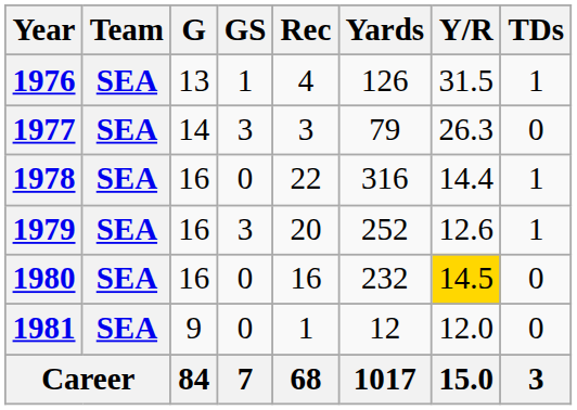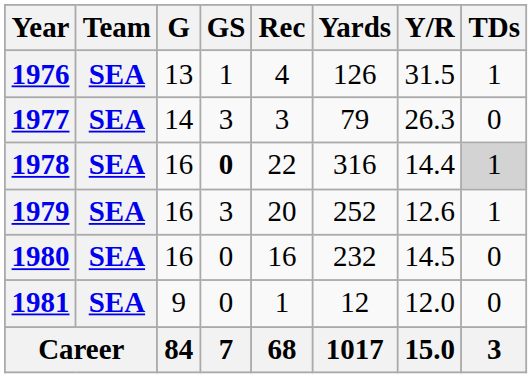 <table class="wikitable" style="text-align:center">
 <tr>
 <th>Year</th>
 <th>Team</th>
 <th>G</th>
 <th>GS</th>
 <th>Rec</th>
 <th>Yards</th>
 <th>Y/R</th>
 <th>TDs</th>
 </tr>
 <tr>
 <th><a href='#'>1976</a></th>
 <th><a href='#'>SEA</a></th>
 <td>13</td>
 <td>1</td>
 <td>4</td>
 <td>126</td>
 <td>31.5</td>
 <td>1</td>
 </tr>
 <tr>
 <th><a href='#'>1977</a></th>
 <th><a href='#'>SEA</a></th>
 <td>14</td>
 <td>3</td>
 <td>3</td>
 <td>79</td>
 <td>26.3</td>
 <td>0</td>
 </tr>
 <tr>
 <th><a href='#'>1978</a></th>
 <th><a href='#'>SEA</a></th>
 <td>16</td>
-<td>0</td>
+<td><strong>0</strong></td>
 <td>22</td>
 <td>316</td>
 <td>14.4</td>
-<td>1</td>
+<td style="background: lightgrey;">1</td>
 </tr>
 <tr>
 <th><a href='#'>1979</a></th>
 <th><a href='#'>SEA</a></th>
 <td>16</td>
 <td>3</td>
 <td>20</td>
 <td>252</td>
 <td>12.6</td>
 <td>1</td>
 </tr>
 <tr>
 <th><a href='#'>1980</a></th>
 <th><a href='#'>SEA</a></th>
 <td>16</td>
 <td>0</td>
 <td>16</td>
 <td>232</td>
-<td style="background: gold;">14.5</td>
+<td>14.5</td>
 <td>0</td>
 </tr>
 <tr>
 <th><a href='#'>1981</a></th>
 <th><a href='#'>SEA</a></th>
 <td>9</td>
 <td>0</td>
 <td>1</td>
 <td>12</td>
 <td>12.0</td>
 <td>0</td>
 </tr>
 <tr>
 <th colspan="2">Career</th>
 <th>84</th>
 <th>7</th>
 <th>68</th>
 <th>1017</th>
 <th>15.0</th>
 <th>3</th>
 </tr>
 </table>
